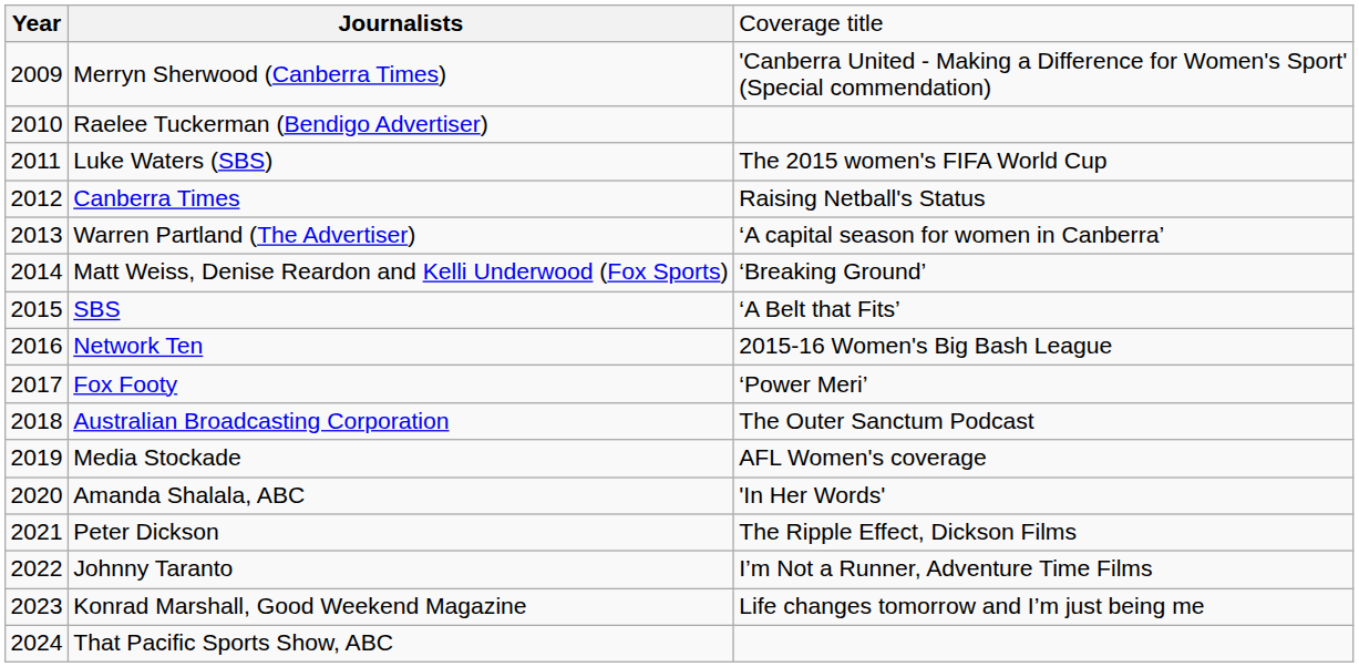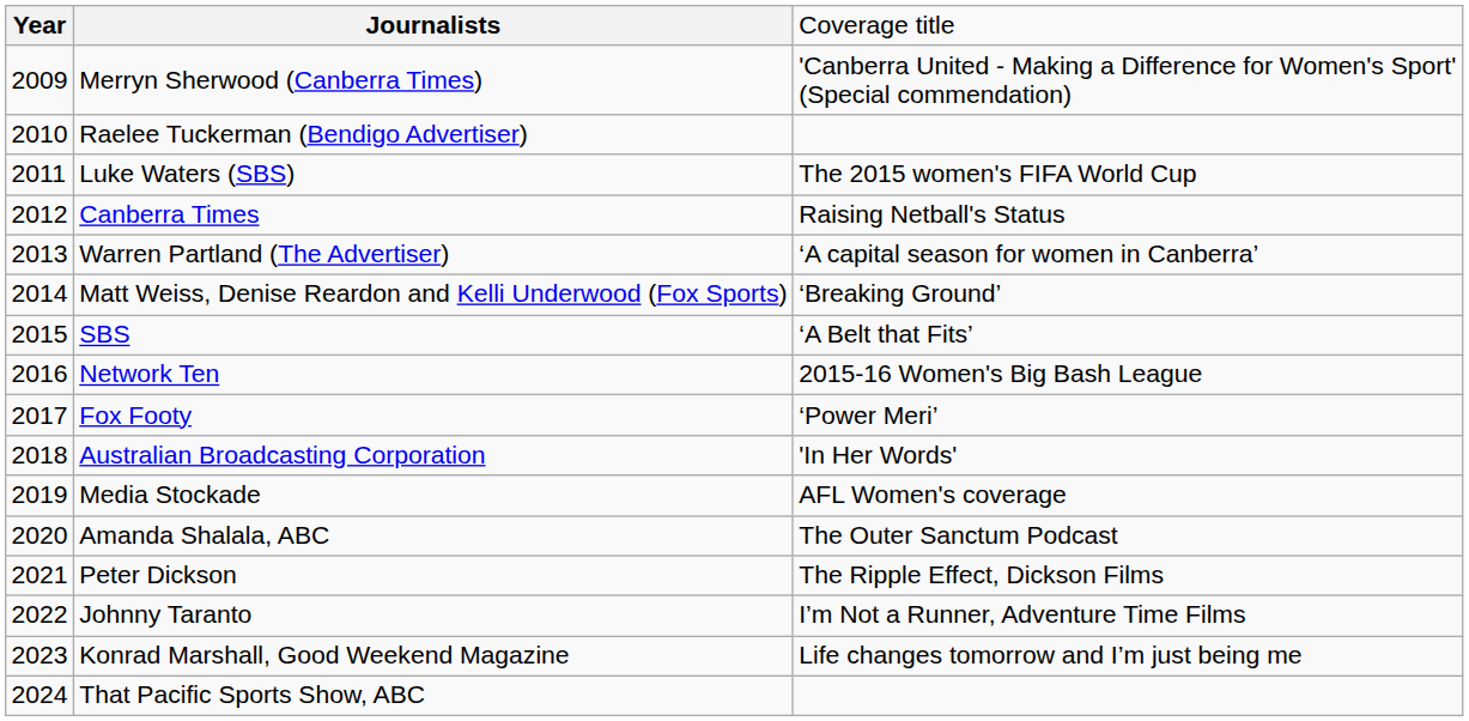 <table class="wikitable">
 <tr>
 <th>Year</th>
 <th>Journalists</th>
 <td>Coverage title</td>
 </tr>
 <tr>
 <td>2009</td>
 <td>Merryn Sherwood  (<a href='#'>Canberra Times</a>)</td>
 <td>'Canberra United - Making a Difference for Women's Sport' <br> (Special commendation)</td>
 </tr>
 <tr>
 <td>2010</td>
 <td>Raelee Tuckerman (<a href='#'>Bendigo Advertiser</a>)</td>
 </tr>
 <tr>
 <td>2011</td>
 <td>Luke Waters (<a href='#'>SBS</a>)</td>
 <td>The 2015 women's FIFA World Cup</td>
 </tr>
 <tr>
 <td>2012</td>
 <td><a href='#'>Canberra Times</a></td>
 <td>Raising Netball's Status</td>
 </tr>
 <tr>
 <td>2013</td>
 <td>Warren Partland (<a href='#'>The Advertiser</a>)</td>
 <td>‘A capital season for women in Canberra’</td>
 </tr>
 <tr>
 <td>2014</td>
 <td>Matt Weiss, Denise Reardon and <a href='#'>Kelli Underwood</a> (<a href='#'>Fox Sports</a>)</td>
 <td>‘Breaking Ground’</td>
 </tr>
 <tr>
 <td>2015</td>
 <td><a href='#'>SBS</a></td>
 <td>‘A Belt that Fits’</td>
 </tr>
 <tr>
 <td>2016</td>
 <td><a href='#'>Network Ten</a></td>
 <td>2015-16 Women's Big Bash League</td>
 </tr>
 <tr>
 <td>2017</td>
 <td><a href='#'>Fox Footy</a></td>
 <td>‘Power Meri’</td>
 </tr>
 <tr>
 <td>2018</td>
 <td><a href='#'>Australian Broadcasting Corporation</a></td>
-<td>The Outer Sanctum Podcast</td>
+<td>'In Her Words'</td>
 </tr>
 <tr>
 <td>2019</td>
 <td>Media Stockade</td>
 <td>AFL Women's coverage</td>
 </tr>
 <tr>
 <td>2020</td>
 <td>Amanda Shalala, ABC</td>
-<td>'In Her Words'</td>
+<td>The Outer Sanctum Podcast</td>
 </tr>
 <tr>
 <td>2021</td>
 <td>Peter Dickson</td>
 <td>The Ripple Effect, Dickson Films</td>
 </tr>
 <tr>
 <td>2022</td>
 <td>Johnny Taranto</td>
 <td>I’m Not a Runner, Adventure Time Films</td>
 </tr>
 <tr>
 <td>2023</td>
 <td>Konrad Marshall, Good Weekend Magazine</td>
 <td>Life changes tomorrow and I’m just being me</td>
 </tr>
 <tr>
 <td>2024</td>
 <td>That Pacific Sports Show, ABC</td>
 </tr>
 </table>
